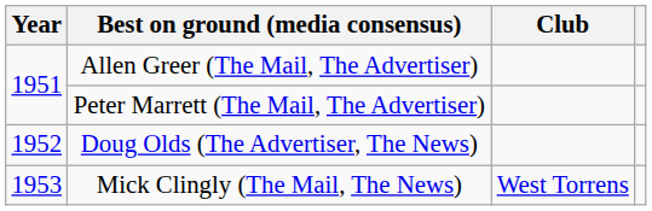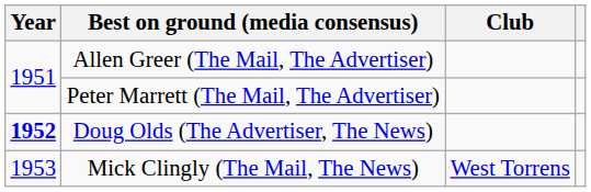 <table class="wikitable sortable plainrowheaders" style="text-align:center;">
 <tr>
 <th scope=col>Year</th>
 <th scope=col>Best on ground (media consensus)</th>
 <th scope=col>Club</th>
 <th scope=col class="unsortable"></th>
 </tr>
 <tr>
 <td rowspan=2><a href='#'>1951</a></td>
 <td>Allen Greer (<a href='#'>The Mail</a>, <a href='#'>The Advertiser</a>)</td>
 <td></td>
 <td></td>
 </tr>
 <tr>
 <td>Peter Marrett (<a href='#'>The Mail</a>, <a href='#'>The Advertiser</a>)</td>
 <td></td>
 <td></td>
 </tr>
 <tr>
-<td><a href='#'>1952</a></td>
+<td><strong><a href='#'>1952</a></strong></td>
 <td><a href='#'>Doug Olds</a> (<a href='#'>The Advertiser</a>, <a href='#'>The News</a>)</td>
 <td></td>
 <td></td>
 </tr>
 <tr>
 <td><a href='#'>1953</a></td>
 <td>Mick Clingly (<a href='#'>The Mail</a>, <a href='#'>The News</a>)</td>
 <td><a href='#'>West Torrens</a></td>
 <td></td>
 </tr>
 </table>
